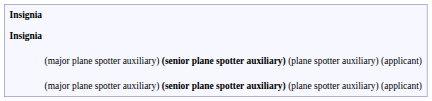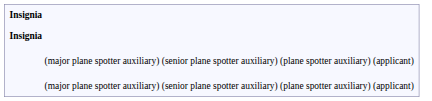 <table style="border:1px solid #8888aa; background-color:#f7f8ff; padding:5px; font-size:95%; margin: 0px 12px 12px 0px;">
 <tr style="text-align:center;">
 <td><strong>Insignia</strong></td>
 <td></td>
 <td></td>
 <td></td>
 <td></td>
 </tr>
 <tr style="text-align:center;">
 <th></th>
 <td></td>
 <td></td>
 <td></td>
 <td></td>
 </tr>
 <tr style="text-align:center;">
 <th></th>
 <td></td>
 <td></td>
 <td></td>
 <td></td>
 </tr>
 <tr style="text-align:center;">
 <td colspan=5></td>
 </tr>
 <tr style="text-align:center;">
 <th><strong>Insignia</strong></th>
 <td></td>
 <td></td>
 <td></td>
 <td></td>
 </tr>
 <tr style="text-align:center;">
 <th></th>
 <td><br>(major plane spotter auxiliary)</td>
-<td><strong><br>(senior plane spotter auxiliary)</strong></td>
+<td><br>(senior plane spotter auxiliary)</td>
 <td><br>(plane spotter auxiliary)</td>
 <td><br>(applicant)</td>
 </tr>
 <tr style="text-align:center;">
 <th></th>
 <td><br>(major plane spotter auxiliary)</td>
-<td><strong><br>(senior plane spotter auxiliary)</strong></td>
+<td><br>(senior plane spotter auxiliary)</td>
 <td><br>(plane spotter auxiliary)</td>
 <td><br>(applicant)</td>
 </tr>
 </table>
